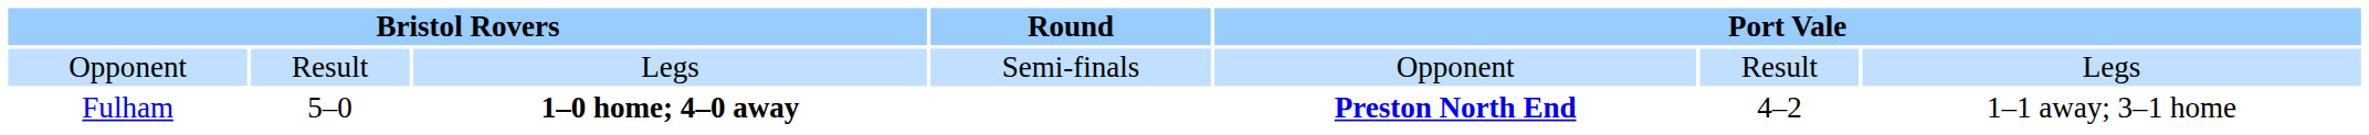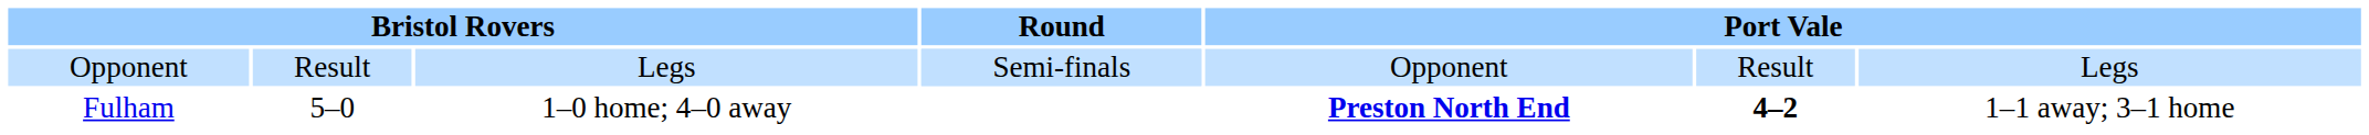 <table width="100%" bgcolor=white>
 <tr valign=top bgcolor=#99ccff>
 <th colspan=3 style="width:1*">Bristol Rovers</th>
 <th>Round</th>
 <th colspan=3 style="width:1*">Port Vale</th>
 </tr>
 <tr valign=top align="center" bgcolor=#c1e0ff>
 <td>Opponent</td>
 <td>Result</td>
 <td>Legs</td>
 <td bgcolor=#c1e0ff>Semi-finals</td>
 <td>Opponent</td>
 <td>Result</td>
 <td>Legs</td>
 </tr>
 <tr align="center">
 <td><a href='#'>Fulham</a></td>
 <td>5–0</td>
-<td><strong>1–0 home; 4–0 away</strong></td>
+<td>1–0 home; 4–0 away</td>
 <td></td>
 <td><strong><a href='#'>Preston North End</a></strong></td>
-<td>4–2</td>
+<td><strong>4–2</strong></td>
 <td>1–1 away; 3–1 home</td>
 </tr>
 </table>
